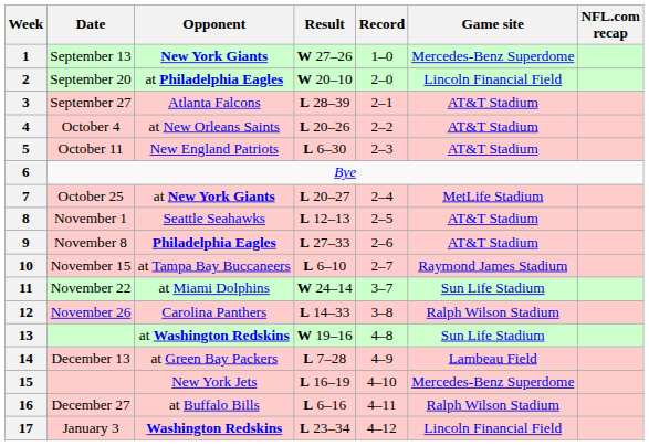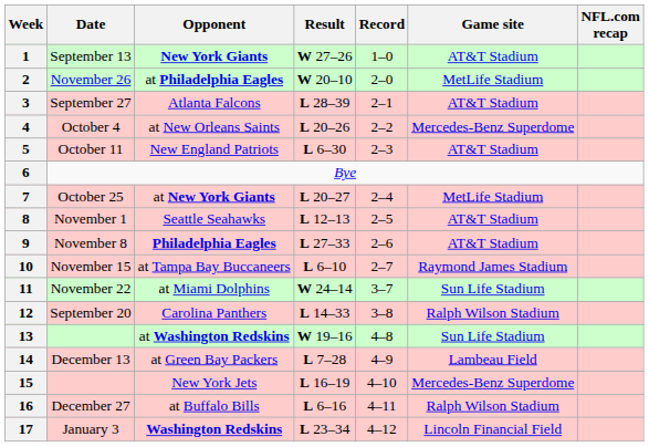 <table class="wikitable" style="text-align:center">
 <tr>
 <th>Week</th>
 <th>Date</th>
 <th>Opponent</th>
 <th>Result</th>
 <th>Record</th>
 <th>Game site</th>
 <th>NFL.com<br>recap</th>
 </tr>
 <tr style="background:#cfc">
 <th>1</th>
 <td>September 13</td>
 <td><strong><a href='#'>New York Giants</a></strong></td>
 <td><strong>W</strong> 27–26</td>
 <td>1–0</td>
-<td><a href='#'>Mercedes-Benz Superdome</a></td>
+<td><a href='#'>AT&T Stadium</a></td>
 <td></td>
 </tr>
 <tr style="background:#cfc">
 <th>2</th>
-<td>September 20</td>
+<td><a href='#'>November 26</a></td>
 <td>at <strong><a href='#'>Philadelphia Eagles</a></strong></td>
 <td><strong>W</strong> 20–10</td>
 <td>2–0</td>
-<td><a href='#'>Lincoln Financial Field</a></td>
+<td><a href='#'>MetLife Stadium</a></td>
 <td></td>
 </tr>
 <tr style="background:#fcc">
 <th>3</th>
 <td>September 27</td>
 <td><a href='#'>Atlanta Falcons</a></td>
 <td><strong>L</strong> 28–39</td>
 <td>2–1</td>
 <td><a href='#'>AT&T Stadium</a></td>
 <td></td>
 </tr>
 <tr style="background:#fcc">
 <th>4</th>
 <td>October 4</td>
 <td>at <a href='#'>New Orleans Saints</a></td>
 <td><strong>L</strong> 20–26 </td>
 <td>2–2</td>
-<td><a href='#'>AT&T Stadium</a></td>
+<td><a href='#'>Mercedes-Benz Superdome</a></td>
 <td></td>
 </tr>
 <tr style="background:#fcc">
 <th>5</th>
 <td>October 11</td>
 <td><a href='#'>New England Patriots</a></td>
 <td><strong>L</strong> 6–30</td>
 <td>2–3</td>
 <td><a href='#'>AT&T Stadium</a></td>
 <td></td>
 </tr>
 <tr>
 <th>6</th>
 <td colspan=8><em><a href='#'>Bye</a></em></td>
 </tr>
 <tr style="background:#fcc">
 <th>7</th>
 <td>October 25</td>
 <td>at <strong><a href='#'>New York Giants</a></strong></td>
 <td><strong>L</strong> 20–27</td>
 <td>2–4</td>
 <td><a href='#'>MetLife Stadium</a></td>
 <td></td>
 </tr>
 <tr style="background:#fcc">
 <th>8</th>
 <td>November 1</td>
 <td><a href='#'>Seattle Seahawks</a></td>
 <td><strong>L</strong> 12–13</td>
 <td>2–5</td>
 <td><a href='#'>AT&T Stadium</a></td>
 <td></td>
 </tr>
 <tr style="background:#fcc">
 <th>9</th>
 <td>November 8</td>
 <td><strong><a href='#'>Philadelphia Eagles</a></strong></td>
 <td><strong>L</strong> 27–33 </td>
 <td>2–6</td>
 <td><a href='#'>AT&T Stadium</a></td>
 <td></td>
 </tr>
 <tr style="background:#fcc">
 <th>10</th>
 <td>November 15</td>
 <td>at <a href='#'>Tampa Bay Buccaneers</a></td>
 <td><strong>L</strong> 6–10</td>
 <td>2–7</td>
 <td><a href='#'>Raymond James Stadium</a></td>
 <td></td>
 </tr>
 <tr style="background:#cfc">
 <th>11</th>
 <td>November 22</td>
 <td>at <a href='#'>Miami Dolphins</a></td>
 <td><strong>W</strong> 24–14</td>
 <td>3–7</td>
 <td><a href='#'>Sun Life Stadium</a></td>
 <td></td>
 </tr>
 <tr style="background:#fcc">
 <th>12</th>
-<td><a href='#'>November 26</a></td>
+<td>September 20</td>
 <td><a href='#'>Carolina Panthers</a></td>
 <td><strong>L</strong> 14–33</td>
 <td>3–8</td>
 <td><a href='#'>Ralph Wilson Stadium</a></td>
 <td></td>
 </tr>
 <tr style="background:#cfc">
 <th>13</th>
 <td></td>
 <td>at <strong><a href='#'>Washington Redskins</a></strong></td>
 <td><strong>W</strong> 19–16</td>
 <td>4–8</td>
 <td><a href='#'>Sun Life Stadium</a></td>
 <td></td>
 </tr>
 <tr style="background:#fcc">
 <th>14</th>
 <td>December 13</td>
 <td>at <a href='#'>Green Bay Packers</a></td>
 <td><strong>L</strong> 7–28</td>
 <td>4–9</td>
 <td><a href='#'>Lambeau Field</a></td>
 <td></td>
 </tr>
 <tr style="background:#fcc">
 <th>15</th>
 <td></td>
 <td><a href='#'>New York Jets</a></td>
 <td><strong>L</strong> 16–19</td>
 <td>4–10</td>
 <td><a href='#'>Mercedes-Benz Superdome</a></td>
 <td></td>
 </tr>
 <tr style="background:#fcc">
 <th>16</th>
 <td>December 27</td>
 <td>at <a href='#'>Buffalo Bills</a></td>
 <td><strong>L</strong> 6–16</td>
 <td>4–11</td>
 <td><a href='#'>Ralph Wilson Stadium</a></td>
 <td></td>
 </tr>
 <tr style="background:#fcc">
 <th>17</th>
 <td>January 3</td>
 <td><strong><a href='#'>Washington Redskins</a></strong></td>
 <td><strong>L</strong> 23–34</td>
 <td>4–12</td>
 <td><a href='#'>Lincoln Financial Field</a></td>
 <td></td>
 </tr>
 </table>
